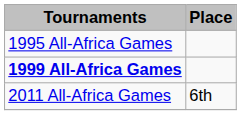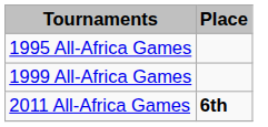 <table class="wikitable collapsible" border="1">
 <tr>
 <th style="background:silver;">Tournaments</th>
 <th style="background:silver;">Place</th>
 </tr>
 <tr>
 <td><a href='#'>1995 All-Africa Games</a></td>
 <td></td>
 </tr>
 <tr>
-<td><strong><a href='#'>1999 All-Africa Games</a></strong></td>
+<td><a href='#'>1999 All-Africa Games</a></td>
 <td></td>
 </tr>
 <tr>
 <td><a href='#'>2011 All-Africa Games</a></td>
-<td>6th</td>
+<td><strong>6th</strong></td>
 </tr>
 <tr>
 </tr>
 </table>
